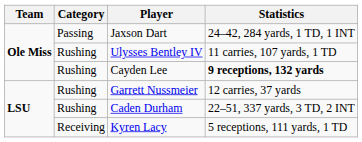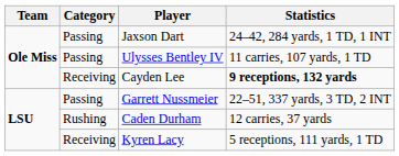 <table class="wikitable" style="float: right;">
 <tr>
 <th>Team</th>
 <th>Category</th>
 <th>Player</th>
 <th>Statistics</th>
 </tr>
 <tr>
 <td rowspan=3><strong>Ole Miss</strong></td>
 <td>Passing</td>
 <td>Jaxson Dart</td>
 <td>24–42, 284 yards, 1 TD, 1 INT</td>
 </tr>
 <tr>
-<td>Rushing</td>
+<td>Passing</td>
 <td><a href='#'>Ulysses Bentley IV</a></td>
 <td>11 carries, 107 yards, 1 TD</td>
 </tr>
 <tr>
-<td>Rushing</td>
+<td>Receiving</td>
 <td>Cayden Lee</td>
 <td><strong>9 receptions, 132 yards</strong></td>
 </tr>
 <tr>
 <td rowspan=3><strong>LSU</strong></td>
-<td>Rushing</td>
+<td>Passing</td>
 <td><a href='#'>Garrett Nussmeier</a></td>
-<td>12 carries, 37 yards</td>
+<td>22–51, 337 yards, 3 TD, 2 INT</td>
 </tr>
 <tr>
 <td>Rushing</td>
 <td><a href='#'>Caden Durham</a></td>
-<td>22–51, 337 yards, 3 TD, 2 INT</td>
+<td>12 carries, 37 yards</td>
 </tr>
 <tr>
 <td>Receiving</td>
 <td><a href='#'>Kyren Lacy</a></td>
 <td>5 receptions, 111 yards, 1 TD</td>
 </tr>
 </table>
